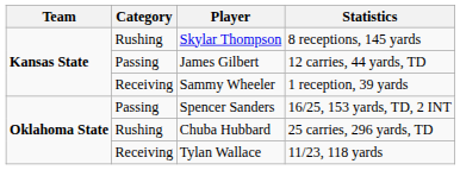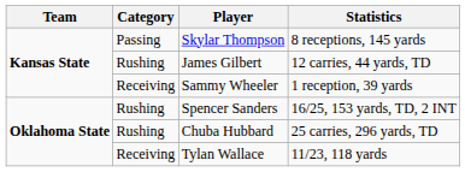 <table class="wikitable" style="float: right;">
 <tr>
 <th>Team</th>
 <th>Category</th>
 <th>Player</th>
 <th>Statistics</th>
 </tr>
 <tr>
 <td rowspan=3><strong>Kansas State</strong></td>
-<td>Rushing</td>
+<td>Passing</td>
 <td><a href='#'>Skylar Thompson</a></td>
 <td>8 receptions, 145 yards</td>
 </tr>
 <tr>
-<td>Passing</td>
+<td>Rushing</td>
 <td>James Gilbert</td>
 <td>12 carries, 44 yards, TD</td>
 </tr>
 <tr>
 <td>Receiving</td>
 <td>Sammy Wheeler</td>
 <td>1 reception, 39 yards</td>
 </tr>
 <tr>
 <td rowspan=3><strong>Oklahoma State</strong></td>
-<td>Passing</td>
+<td>Rushing</td>
 <td>Spencer Sanders</td>
 <td>16/25, 153 yards, TD, 2 INT</td>
 </tr>
 <tr>
 <td>Rushing</td>
 <td>Chuba Hubbard</td>
 <td>25 carries, 296 yards, TD</td>
 </tr>
 <tr>
 <td>Receiving</td>
 <td>Tylan Wallace</td>
 <td>11/23, 118 yards</td>
 </tr>
 </table>
